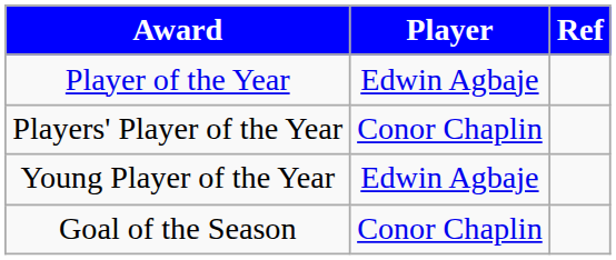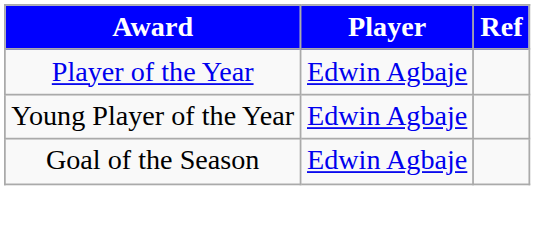 <table class="wikitable" style="text-align:center">
 <tr>
 <th style="background:blue; color:white; width=0%">Award</th>
 <th style="background:blue; color:white; width=0%">Player</th>
 <th style="background:blue; color:white; width=0%">Ref</th>
 </tr>
 <tr>
 <td><a href='#'>Player of the Year</a></td>
 <td> <a href='#'>Edwin Agbaje</a></td>
 <td></td>
 </tr>
 <tr>
-<td>Players' Player of the Year</td>
-<td> <a href='#'>Conor Chaplin</a></td>
-<td></td>
-</tr>
-<tr>
 <td>Young Player of the Year</td>
 <td> <a href='#'>Edwin Agbaje</a></td>
 <td></td>
 </tr>
 <tr>
 <td>Goal of the Season</td>
-<td> <a href='#'>Conor Chaplin</a></td>
+<td> <a href='#'>Edwin Agbaje</a></td>
 <td></td>
 </tr>
 </table>
